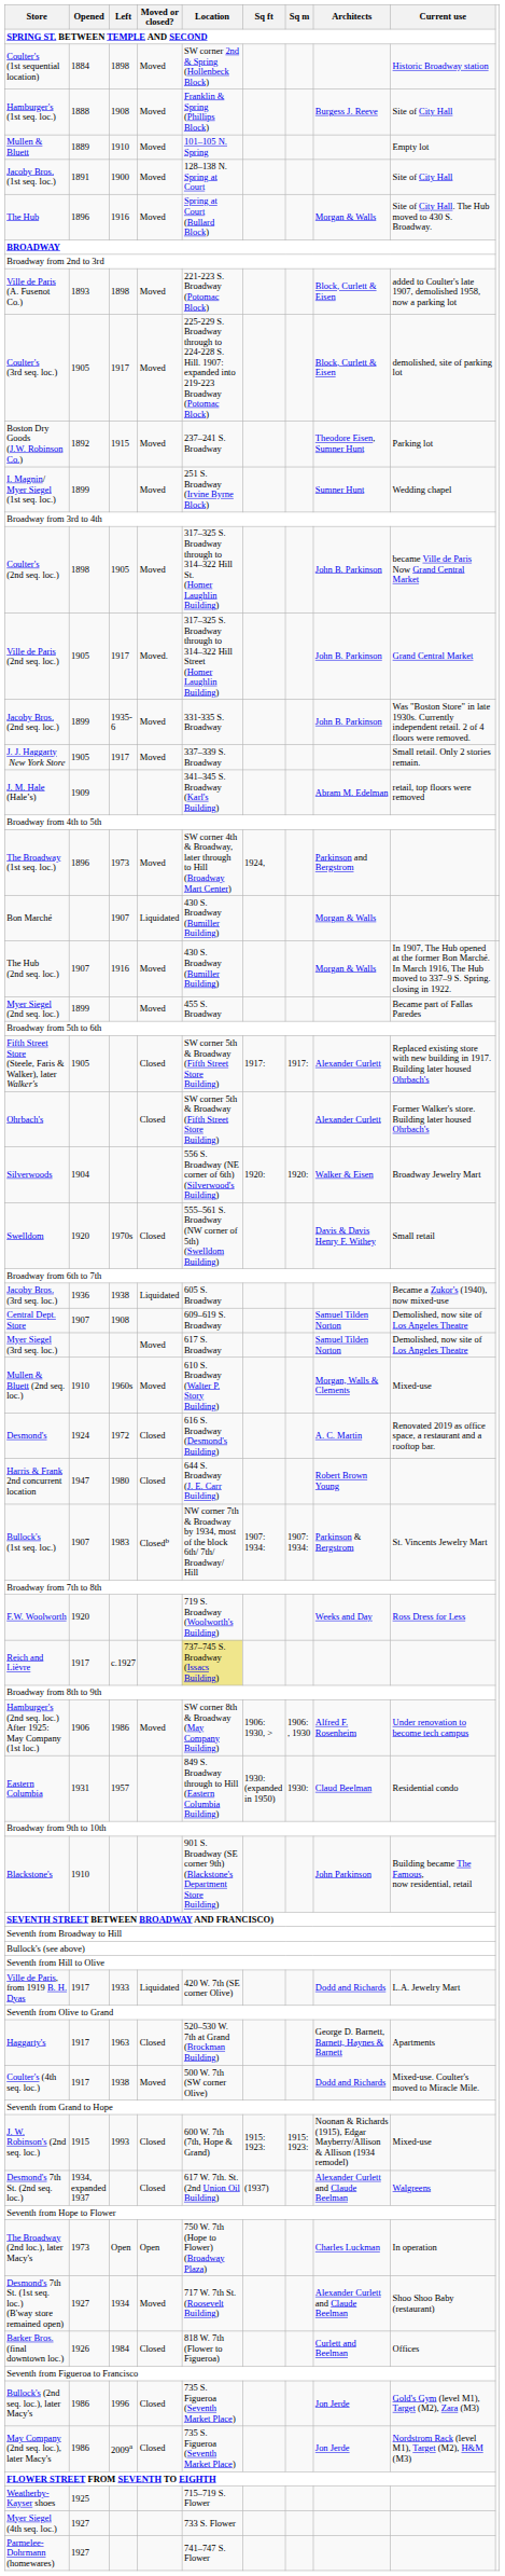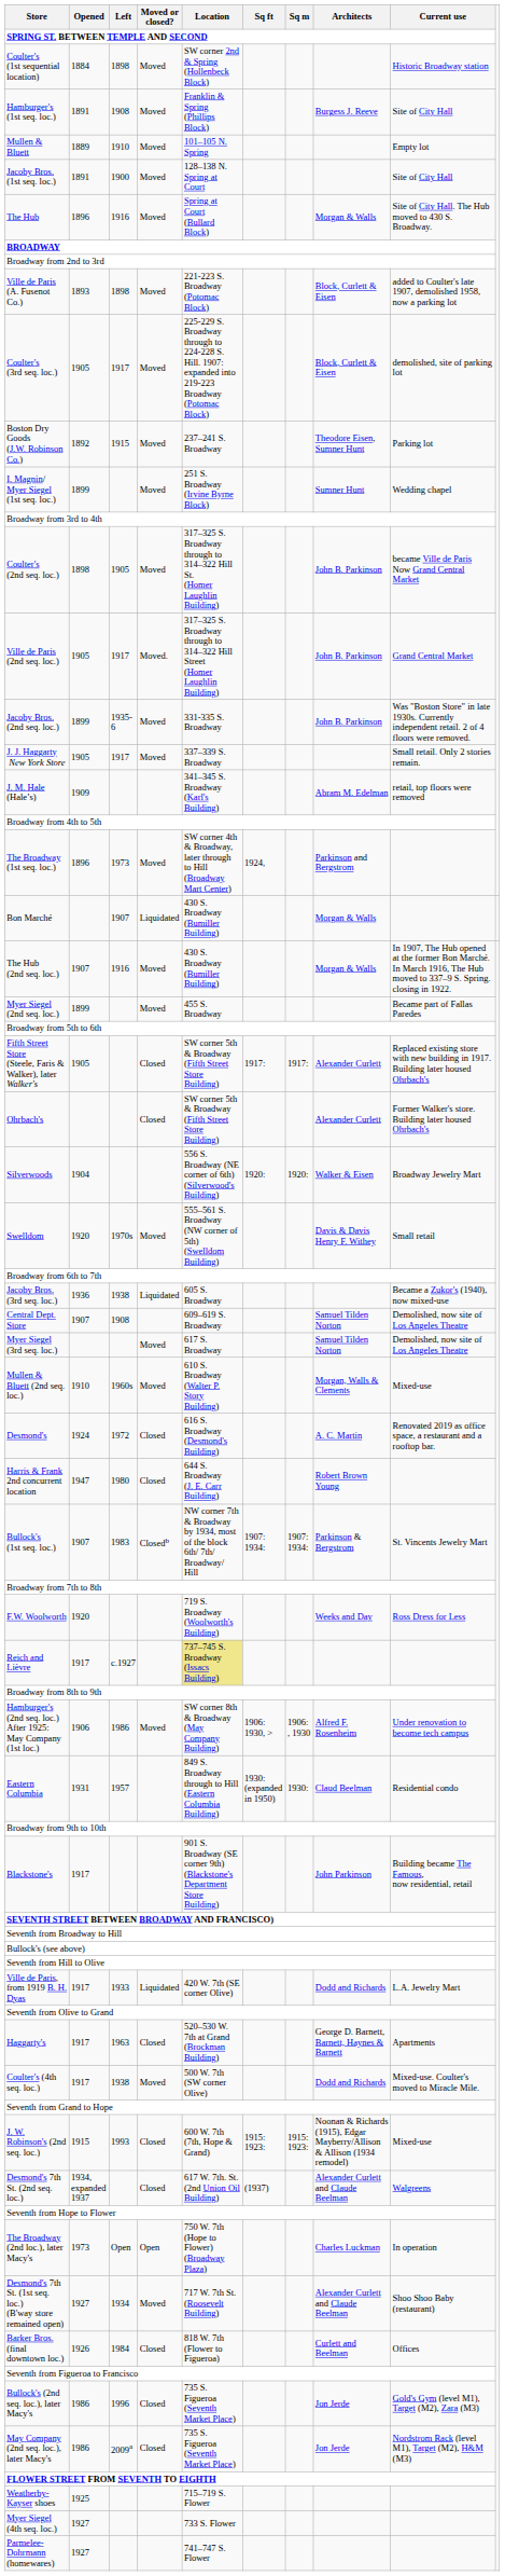 <table class="wikitable">
 <tr>
 <th>Store</th>
 <th>Opened</th>
 <th>Left</th>
 <th>Moved or closed?</th>
 <th>Location</th>
 <th>Sq ft</th>
 <th>Sq m</th>
 <th>Architects</th>
 <th>Current use</th>
 </tr>
 <tr>
 <td colspan="9" style="background-color:white;"><strong><a href='#'>SPRING ST.</a> BETWEEN <a href='#'>TEMPLE</a> AND <a href='#'>SECOND</a></strong></td>
 </tr>
 <tr>
 <td><a href='#'>Coulter's</a><br>(1st sequential<br>location)</td>
 <td>1884</td>
 <td>1898</td>
 <td>Moved</td>
 <td>SW corner <a href='#'>2nd & Spring</a><br>(<a href='#'>Hollenbeck Block</a>)</td>
 <td></td>
 <td></td>
 <td></td>
 <td><a href='#'>Historic Broadway station</a></td>
 </tr>
 <tr>
 <td><a href='#'>Hamburger's</a> (1st seq. loc.)</td>
-<td>1888</td>
+<td>1891</td>
 <td>1908</td>
 <td>Moved</td>
 <td><a href='#'>Franklin & Spring</a><br>(<a href='#'>Phillips Block</a>)</td>
 <td></td>
 <td></td>
 <td><a href='#'>Burgess J. Reeve</a></td>
 <td>Site of <a href='#'>City Hall</a></td>
 </tr>
 <tr>
 <td><a href='#'>Mullen & Bluett</a></td>
 <td>1889</td>
 <td>1910</td>
 <td>Moved</td>
 <td><a href='#'>101–105 N. Spring</a></td>
 <td></td>
 <td></td>
 <td></td>
 <td>Empty lot</td>
 </tr>
 <tr>
 <td><a href='#'>Jacoby Bros.</a><br>(1st seq. loc.)</td>
 <td>1891</td>
 <td>1900</td>
 <td>Moved</td>
 <td>128–138 N. <a href='#'>Spring at Court</a></td>
 <td></td>
 <td></td>
 <td></td>
 <td>Site of <a href='#'>City Hall</a></td>
 </tr>
 <tr>
 <td><a href='#'>The Hub</a></td>
 <td>1896</td>
 <td>1916</td>
 <td>Moved</td>
 <td><a href='#'>Spring at Court</a><br>(<a href='#'>Bullard Block</a>)</td>
 <td></td>
 <td></td>
 <td><a href='#'>Morgan & Walls</a></td>
 <td>Site of <a href='#'>City Hall</a>. The Hub moved to 430 S. Broadway.</td>
 </tr>
 <tr>
 <td colspan="9" style="background-color:white;"><strong><a href='#'>BROADWAY</a></strong></td>
 </tr>
 <tr>
 <td colspan="9" style="background-color:white;">Broadway from 2nd to 3rd</td>
 </tr>
 <tr>
 <td><a href='#'>Ville de Paris</a><br>(A. Fusenot Co.)</td>
 <td>1893</td>
 <td>1898</td>
 <td>Moved</td>
 <td>221-223 S. Broadway<br>(<a href='#'>Potomac Block</a>)</td>
 <td></td>
 <td></td>
 <td><a href='#'>Block, Curlett & Eisen</a></td>
 <td>added to Coulter's late 1907, demolished 1958, now  a parking lot</td>
 </tr>
 <tr>
 <td><a href='#'>Coulter's</a><br>(3rd seq. loc.)</td>
 <td>1905</td>
 <td>1917</td>
 <td>Moved</td>
 <td>225-229 S. Broadway through to 224-228 S. Hill. 1907: expanded into 219-223 Broadway (<a href='#'>Potomac Block</a>)</td>
 <td></td>
 <td></td>
 <td><a href='#'>Block, Curlett & Eisen</a></td>
 <td>demolished, site of parking lot</td>
 </tr>
 <tr>
 <td>Boston Dry Goods<br>(<a href='#'>J.W. Robinson Co.</a>)</td>
 <td>1892</td>
 <td>1915</td>
 <td>Moved</td>
 <td>237–241 S. Broadway</td>
 <td></td>
 <td></td>
 <td><a href='#'>Theodore Eisen</a>, <a href='#'>Sumner Hunt</a></td>
 <td>Parking lot</td>
 </tr>
 <tr>
 <td><a href='#'>I. Magnin</a>/<br><a href='#'>Myer Siegel</a><br>(1st seq. loc.)</td>
 <td>1899</td>
 <td></td>
 <td>Moved</td>
 <td>251 S. Broadway<br>(<a href='#'>Irvine Byrne Block</a>)</td>
 <td></td>
 <td></td>
 <td><a href='#'>Sumner Hunt</a></td>
 <td>Wedding chapel</td>
 </tr>
 <tr>
 <td colspan="9" style="background-color:white;">Broadway from 3rd to 4th</td>
 </tr>
 <tr>
 <td><a href='#'>Coulter's</a><br>(2nd seq. loc.)</td>
 <td>1898</td>
 <td>1905</td>
 <td>Moved</td>
 <td>317–325 S. Broadway through to 314–322 Hill St.<br> (<a href='#'>Homer Laughlin Building</a>)</td>
 <td></td>
 <td></td>
 <td><a href='#'>John B. Parkinson</a></td>
 <td>became <a href='#'>Ville de Paris</a><br>Now <a href='#'>Grand Central Market</a></td>
 </tr>
 <tr>
 <td><a href='#'>Ville de Paris</a><br>(2nd seq. loc.)</td>
 <td>1905</td>
 <td>1917</td>
 <td>Moved.</td>
 <td>317–325 S. Broadway through to 314–322 Hill Street<br>(<a href='#'>Homer Laughlin Building</a>)</td>
 <td></td>
 <td></td>
 <td><a href='#'>John B. Parkinson</a></td>
 <td><a href='#'>Grand Central Market</a></td>
 </tr>
 <tr>
 <td><a href='#'>Jacoby Bros.</a> (2nd seq. loc.)</td>
 <td>1899</td>
 <td>1935-6</td>
 <td>Moved</td>
 <td>331-335 S. Broadway</td>
 <td></td>
 <td></td>
 <td><a href='#'>John B. Parkinson</a></td>
 <td>Was "Boston Store" in late 1930s. Currently independent retail. 2 of 4 floors were removed.</td>
 </tr>
 <tr>
 <td><a href='#'>J. J. Haggarty</a><br> <em>New York Store</em></td>
 <td>1905</td>
 <td>1917</td>
 <td>Moved</td>
 <td>337–339 S. Broadway</td>
 <td></td>
 <td></td>
 <td></td>
 <td>Small retail. Only 2 stories remain.</td>
 </tr>
 <tr>
 <td><a href='#'>J. M. Hale</a> (Hale’s)</td>
 <td>1909</td>
 <td></td>
 <td></td>
 <td>341–345 S. Broadway<br>(<a href='#'>Karl's Building</a>)</td>
 <td></td>
 <td></td>
 <td><a href='#'>Abram M. Edelman</a></td>
 <td>retail, top floors were removed</td>
 </tr>
 <tr>
 <td colspan="9" style="background-color:white;">Broadway from 4th to 5th</td>
 </tr>
 <tr>
 <td><a href='#'>The Broadway</a><br>(1st seq. loc.)</td>
 <td>1896</td>
 <td>1973</td>
 <td>Moved</td>
 <td>SW corner 4th & Broadway, later through to Hill<br>(<a href='#'>Broadway Mart Center</a>)</td>
 <td>1924, </td>
 <td></td>
 <td><a href='#'>Parkinson</a> and <a href='#'>Bergstrom</a></td>
 <td></td>
 </tr>
 <tr>
 <td>Bon Marché</td>
 <td></td>
 <td>1907</td>
 <td>Liquidated</td>
 <td>430 S. Broadway<br>(<a href='#'>Bumiller Building</a>)</td>
 <td></td>
 <td></td>
 <td><a href='#'>Morgan & Walls</a></td>
 <td></td>
 <td></td>
 </tr>
 <tr>
 <td>The Hub<br>(2nd seq. loc.)</td>
 <td>1907</td>
 <td>1916</td>
 <td>Moved</td>
 <td>430 S. Broadway<br>(<a href='#'>Bumiller Building</a>)</td>
 <td></td>
 <td></td>
 <td><a href='#'>Morgan & Walls</a></td>
 <td>In 1907, The Hub opened at the former Bon Marché. In March 1916, The Hub moved to 337–9 S. Spring. closing in 1922.</td>
 </tr>
 <tr>
 <td><a href='#'>Myer Siegel</a><br>(2nd seq. loc.)</td>
 <td>1899</td>
 <td></td>
 <td>Moved</td>
 <td>455 S. Broadway</td>
 <td></td>
 <td></td>
 <td></td>
 <td>Became part of Fallas Paredes</td>
 </tr>
 <tr>
 <td colspan="9" style="background-color:white;">Broadway from 5th to 6th</td>
 </tr>
 <tr>
 <td><a href='#'>Fifth Street Store</a><br>(Steele, Faris & Walker), later <em>Walker's</em></td>
 <td>1905</td>
 <td></td>
 <td>Closed</td>
 <td>SW corner 5th & Broadway<br>(<a href='#'>Fifth Street Store Building</a>)</td>
 <td>1917: </td>
 <td>1917:</td>
 <td><a href='#'>Alexander Curlett</a></td>
 <td>Replaced existing store with new building in 1917.<br>Building later housed <a href='#'>Ohrbach's</a></td>
 </tr>
 <tr>
 <td><a href='#'>Ohrbach's</a></td>
 <td></td>
 <td></td>
 <td>Closed</td>
 <td>SW corner 5th & Broadway<br>(<a href='#'>Fifth Street Store Building</a>)</td>
 <td></td>
 <td></td>
 <td><a href='#'>Alexander Curlett</a></td>
 <td>Former Walker's store.<br>Building later housed <a href='#'>Ohrbach's</a></td>
 </tr>
 <tr>
 <td><a href='#'>Silverwoods</a></td>
 <td>1904</td>
 <td></td>
 <td></td>
 <td>556 S. Broadway (NE corner of 6th)<br>(<a href='#'>Silverwood's Building</a>)</td>
 <td>1920: </td>
 <td>1920: </td>
 <td><a href='#'>Walker & Eisen</a></td>
 <td>Broadway Jewelry Mart</td>
 </tr>
 <tr>
 <td><a href='#'>Swelldom</a></td>
 <td>1920</td>
 <td>1970s</td>
-<td>Closed</td>
+<td>Moved</td>
 <td>555–561 S. Broadway (NW corner of 5th)<br>(<a href='#'>Swelldom Building</a>)</td>
 <td></td>
 <td></td>
 <td><a href='#'>Davis & Davis</a><br><a href='#'>Henry F. Withey</a></td>
 <td>Small retail</td>
 </tr>
 <tr>
 <td colspan="9" style="background-color:white;">Broadway from 6th to 7th</td>
 </tr>
 <tr>
 <td><a href='#'>Jacoby Bros.</a><br>(3rd seq. loc.)</td>
 <td>1936</td>
 <td>1938</td>
 <td>Liquidated</td>
 <td>605 S. Broadway</td>
 <td></td>
 <td></td>
 <td></td>
 <td>Became a <a href='#'>Zukor's</a> (1940), now mixed-use</td>
 </tr>
 <tr>
 <td><a href='#'>Central Dept. Store</a></td>
 <td>1907</td>
 <td>1908</td>
 <td></td>
 <td>609–619 S. Broadway</td>
 <td></td>
 <td></td>
 <td><a href='#'>Samuel Tilden Norton</a></td>
 <td>Demolished, now site of <a href='#'>Los Angeles Theatre</a></td>
 </tr>
 <tr>
 <td><a href='#'>Myer Siegel</a><br>(3rd seq. loc.)</td>
 <td></td>
 <td></td>
 <td>Moved</td>
 <td>617 S. Broadway</td>
 <td></td>
 <td></td>
 <td><a href='#'>Samuel Tilden Norton</a></td>
 <td>Demolished, now site of <a href='#'>Los Angeles Theatre</a></td>
 </tr>
 <tr>
 <td><a href='#'>Mullen & Bluett</a> (2nd seq. loc.)</td>
 <td>1910</td>
 <td>1960s</td>
 <td>Moved</td>
 <td>610 S. Broadway<br>(<a href='#'>Walter P. Story Building</a>)</td>
 <td></td>
 <td></td>
 <td><a href='#'>Morgan, Walls & Clements</a></td>
 <td>Mixed-use</td>
 </tr>
 <tr>
 <td><a href='#'>Desmond's</a></td>
 <td>1924</td>
 <td>1972</td>
 <td>Closed</td>
 <td>616 S. Broadway<br>(<a href='#'>Desmond's Building</a>)</td>
 <td></td>
 <td></td>
 <td><a href='#'>A. C. Martin</a></td>
 <td>Renovated 2019 as office space, a restaurant and a rooftop bar.</td>
 </tr>
 <tr>
 <td><a href='#'>Harris & Frank</a><br>2nd concurrent location</td>
 <td>1947</td>
 <td>1980</td>
 <td>Closed</td>
 <td>644 S. Broadway<br>(<a href='#'>J. E. Carr Building</a>)</td>
 <td></td>
 <td></td>
 <td><a href='#'>Robert Brown Young</a></td>
 <td></td>
 </tr>
 <tr>
 <td><a href='#'>Bullock's</a><br>(1st seq. loc.)</td>
 <td>1907</td>
 <td>1983</td>
 <td>Closed<sup>b</sup></td>
 <td>NW corner 7th & Broadway<br>by 1934, most of the block 6th/ 7th/ Broadway/ Hill</td>
 <td>1907: <br>1934: </td>
 <td>1907: <br>1934: </td>
 <td><a href='#'>Parkinson</a> & <a href='#'>Bergstrom</a></td>
 <td>St. Vincents Jewelry Mart</td>
 </tr>
 <tr>
 <td colspan="9" style="background-color:white;">Broadway from 7th to 8th</td>
 </tr>
 <tr>
 <td><a href='#'>F.W. Woolworth</a></td>
 <td>1920</td>
 <td></td>
 <td></td>
 <td>719 S. Broadway<br>(<a href='#'>Woolworth's Building</a>)</td>
 <td></td>
 <td></td>
 <td><a href='#'>Weeks and Day</a></td>
 <td><a href='#'>Ross Dress for Less</a></td>
 </tr>
 <tr>
 <td><a href='#'>Reich and Lièvre</a></td>
 <td>1917</td>
 <td>c.1927</td>
 <td></td>
 <td style="background: khaki;">737–745 S. Broadway<br>(<a href='#'>Issacs Building</a>)</td>
 <td></td>
 <td></td>
 <td></td>
 <td></td>
 </tr>
 <tr>
 <td colspan="9" style="background-color:white;">Broadway from 8th to 9th</td>
 </tr>
 <tr>
 <td><a href='#'>Hamburger's</a><br>(2nd seq. loc.)<br>After 1925:<br>May Company<br>(1st loc.)</td>
 <td>1906</td>
 <td>1986</td>
 <td>Moved</td>
 <td>SW corner 8th & Broadway<br>(<a href='#'>May Company Building</a>)</td>
 <td>1906: <br>1930, ></td>
 <td>1906: , 1930 </td>
 <td><a href='#'>Alfred F. Rosenheim</a></td>
 <td><a href='#'>Under renovation to become tech campus</a></td>
 </tr>
 <tr>
 <td><a href='#'>Eastern Columbia</a></td>
 <td>1931</td>
 <td>1957</td>
 <td></td>
 <td>849 S. Broadway through to Hill<br>(<a href='#'>Eastern Columbia Building</a>)</td>
 <td>1930:  (expanded in 1950)</td>
 <td>1930: </td>
 <td><a href='#'>Claud Beelman</a></td>
 <td>Residential condo</td>
 </tr>
 <tr>
 <td colspan="9" style="background-color:white;">Broadway from 9th to 10th</td>
 </tr>
 <tr>
 <td><a href='#'>Blackstone's</a></td>
-<td>1910</td>
+<td>1917</td>
 <td></td>
 <td></td>
 <td>901 S. Broadway (SE corner 9th)<br>(<a href='#'>Blackstone's Department Store Building</a>)</td>
 <td></td>
 <td></td>
 <td><a href='#'>John Parkinson</a></td>
 <td>Building became <a href='#'>The Famous</a>,<br>now residential, retail</td>
 </tr>
 <tr>
 <td colspan="9" style="background-color:white;"><strong><a href='#'>SEVENTH STREET</a> BETWEEN <a href='#'>BROADWAY</a> AND FRANCISCO)</strong></td>
 </tr>
 <tr>
 <td colspan="9" style="background-color:white;">Seventh from Broadway to Hill</td>
 </tr>
 <tr>
 <td colspan="9" style="background-color:white;">Bullock's (see above)</td>
 </tr>
 <tr>
 <td colspan="9" style="background-color:white;">Seventh from Hill to Olive</td>
 </tr>
 <tr>
 <td><a href='#'>Ville de Paris</a>, from 1919 <a href='#'>B. H. Dyas</a></td>
 <td>1917</td>
 <td>1933</td>
 <td>Liquidated</td>
 <td>420 W. 7th (SE corner Olive)</td>
 <td></td>
 <td></td>
 <td><a href='#'>Dodd and Richards</a></td>
 <td>L.A. Jewelry Mart</td>
 </tr>
 <tr>
 <td colspan="9" style="background-color:white;">Seventh from Olive to Grand</td>
 </tr>
 <tr>
 <td><a href='#'>Haggarty's</a></td>
 <td>1917</td>
 <td>1963</td>
 <td>Closed</td>
 <td>520–530 W. 7th at Grand<br>(<a href='#'>Brockman Building</a>)</td>
 <td></td>
 <td></td>
 <td>George D. Barnett,<br><a href='#'>Barnett, Haynes & Barnett</a></td>
 <td>Apartments</td>
 </tr>
 <tr>
 <td><a href='#'>Coulter's</a> (4th seq. loc.)</td>
 <td>1917</td>
 <td>1938</td>
 <td>Moved</td>
 <td>500 W. 7th (SW corner Olive)</td>
 <td></td>
 <td></td>
 <td><a href='#'>Dodd and Richards</a></td>
 <td>Mixed-use. Coulter's moved to Miracle Mile.</td>
 </tr>
 <tr>
 <td colspan="9" style="background-color:white;">Seventh from Grand to Hope</td>
 </tr>
 <tr>
 <td><a href='#'>J. W. Robinson's</a> (2nd seq. loc.)</td>
 <td>1915</td>
 <td>1993</td>
 <td>Closed</td>
 <td>600 W. 7th (7th, Hope & Grand)</td>
 <td>1915: <br>1923: </td>
 <td>1915: <br>1923: </td>
 <td>Noonan & Richards (1915), Edgar Mayberry/Allison & Allison (1934 remodel)</td>
 <td>Mixed-use</td>
 </tr>
 <tr>
 <td><a href='#'>Desmond's</a> 7th St. (2nd seq. loc.)</td>
 <td>1934, expanded 1937</td>
 <td></td>
 <td>Closed</td>
 <td>617 W. 7th. St.<br>(2nd <a href='#'>Union Oil Building</a>)</td>
 <td> (1937)</td>
 <td></td>
 <td><a href='#'>Alexander Curlett</a> and <a href='#'>Claude Beelman</a></td>
 <td><a href='#'>Walgreens</a></td>
 </tr>
 <tr>
 <td colspan="9" style="background-color:white;">Seventh from Hope to Flower</td>
 </tr>
 <tr>
 <td><a href='#'>The Broadway</a> (2nd loc.), later Macy's</td>
 <td>1973</td>
 <td>Open</td>
 <td>Open</td>
 <td>750 W. 7th (Hope to Flower)<br>(<a href='#'>Broadway Plaza</a>)</td>
 <td></td>
 <td></td>
 <td><a href='#'>Charles Luckman</a></td>
 <td>In operation</td>
 </tr>
 <tr>
 <td><a href='#'>Desmond's</a> 7th St. (1st seq. loc.)<br>(B'way store remained open)</td>
 <td>1927</td>
 <td>1934</td>
 <td>Moved</td>
 <td>717 W. 7th St.<br>(<a href='#'>Roosevelt Building</a>)</td>
 <td></td>
 <td></td>
 <td><a href='#'>Alexander Curlett</a> and <a href='#'>Claude Beelman</a></td>
 <td>Shoo Shoo Baby (restaurant)</td>
 </tr>
 <tr>
 <td><a href='#'>Barker Bros.</a> (final downtown loc.)</td>
 <td>1926</td>
 <td>1984</td>
 <td>Closed</td>
 <td>818 W. 7th (Flower to Figueroa)</td>
 <td></td>
 <td></td>
 <td><a href='#'>Curlett and Beelman</a></td>
 <td>Offices</td>
 </tr>
 <tr>
 <td colspan="9" style="background-color:white;">Seventh from Figueroa to Francisco</td>
 </tr>
 <tr>
 <td><a href='#'>Bullock's</a> (2nd seq. loc.), later Macy's</td>
 <td>1986</td>
 <td>1996</td>
 <td>Closed</td>
 <td>735 S. Figueroa<br>(<a href='#'>Seventh Market Place</a>)</td>
 <td></td>
 <td></td>
 <td><a href='#'>Jon Jerde</a></td>
 <td><a href='#'>Gold's Gym</a> (level M1), <a href='#'>Target</a> (M2), <a href='#'>Zara</a> (M3)</td>
 </tr>
 <tr>
 <td><a href='#'>May Company</a> (2nd seq. loc.), later Macy's</td>
 <td>1986</td>
 <td>2009<sup>a</sup></td>
 <td>Closed</td>
 <td>735 S. Figueroa<br>(<a href='#'>Seventh Market Place</a>)</td>
 <td></td>
 <td></td>
 <td><a href='#'>Jon Jerde</a></td>
 <td><a href='#'>Nordstrom Rack</a> (level M1), <a href='#'>Target</a> (M2), <a href='#'>H&M</a> (M3)</td>
 </tr>
 <tr>
 <td colspan="9" style="background-color:white;"><strong><a href='#'>FLOWER STREET</a> FROM <a href='#'>SEVENTH</a> TO <a href='#'>EIGHTH</a></strong></td>
 </tr>
 <tr>
 <td><a href='#'>Weatherby-Kayser</a> shoes</td>
 <td>1925</td>
 <td></td>
 <td></td>
 <td>715–719 S. Flower</td>
 <td></td>
 <td></td>
 <td></td>
 <td></td>
 </tr>
 <tr>
 <td><a href='#'>Myer Siegel</a> (4th seq. loc.)</td>
 <td>1927</td>
 <td></td>
 <td></td>
 <td>733 S. Flower</td>
 <td></td>
 <td></td>
 <td></td>
 <td></td>
 </tr>
 <tr>
 <td><a href='#'>Parmelee-Dohrmann</a> (homewares)</td>
 <td>1927</td>
 <td></td>
 <td></td>
 <td>741–747 S. Flower</td>
 <td></td>
 <td></td>
 <td></td>
 <td></td>
 </tr>
 </table>
